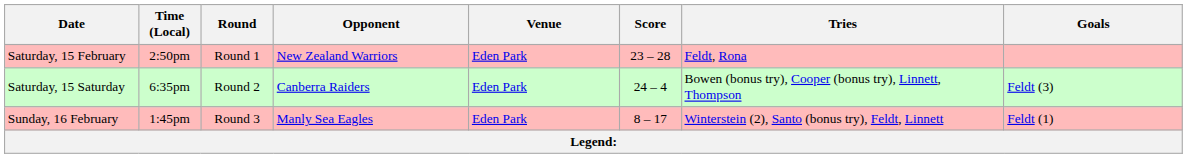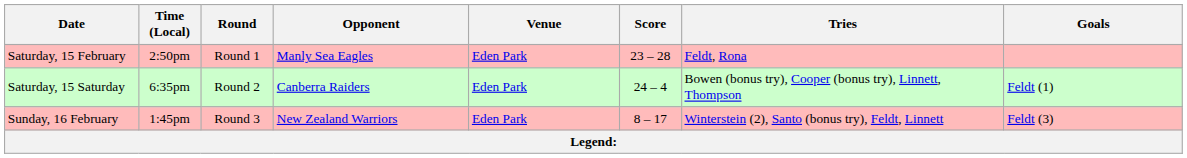 <table class="wikitable" style="font-size:75%;">
 <tr>
 <th style="width:115px;">Date</th>
 <th style="width:50px;">Time (Local)</th>
 <th style="width:60px;">Round</th>
 <th style="width:170px;">Opponent</th>
 <th style="width:130px;">Venue</th>
 <th style="width:50px;">Score</th>
 <th style="width:285px;">Tries</th>
 <th style="width:155px;">Goals</th>
 </tr>
 <tr style="background:#fbb;">
 <td>Saturday, 15 February</td>
 <td style="text-align:center;">2:50pm</td>
 <td style="text-align:center;">Round 1</td>
-<td> <a href='#'>New Zealand Warriors</a></td>
+<td> <a href='#'>Manly Sea Eagles</a></td>
 <td><a href='#'>Eden Park</a></td>
 <td style="text-align:center;">23 – 28</td>
 <td><a href='#'>Feldt</a>, <a href='#'>Rona</a></td>
 <td></td>
 </tr>
 <tr style="background:#cfc;">
 <td>Saturday, 15 Saturday</td>
 <td style="text-align:center;">6:35pm</td>
 <td style="text-align:center;">Round 2</td>
 <td> <a href='#'>Canberra Raiders</a></td>
 <td><a href='#'>Eden Park</a></td>
 <td style="text-align:center;">24 – 4</td>
 <td>Bowen (bonus try), <a href='#'>Cooper</a> (bonus try), <a href='#'>Linnett</a>, <a href='#'>Thompson</a></td>
-<td><a href='#'>Feldt</a> (3)</td>
+<td><a href='#'>Feldt</a> (1)</td>
 </tr>
 <tr style="background:#fbb;">
 <td>Sunday, 16 February</td>
 <td style="text-align:center;">1:45pm</td>
 <td style="text-align:center;">Round 3</td>
-<td> <a href='#'>Manly Sea Eagles</a></td>
+<td> <a href='#'>New Zealand Warriors</a></td>
 <td><a href='#'>Eden Park</a></td>
 <td style="text-align:center;">8 – 17</td>
 <td><a href='#'>Winterstein</a> (2), <a href='#'>Santo</a> (bonus try), <a href='#'>Feldt</a>, <a href='#'>Linnett</a></td>
-<td><a href='#'>Feldt</a> (1)</td>
+<td><a href='#'>Feldt</a> (3)</td>
 </tr>
 <tr>
 <th colspan="12"><strong>Legend</strong>:  </th>
 </tr>
 </table>
